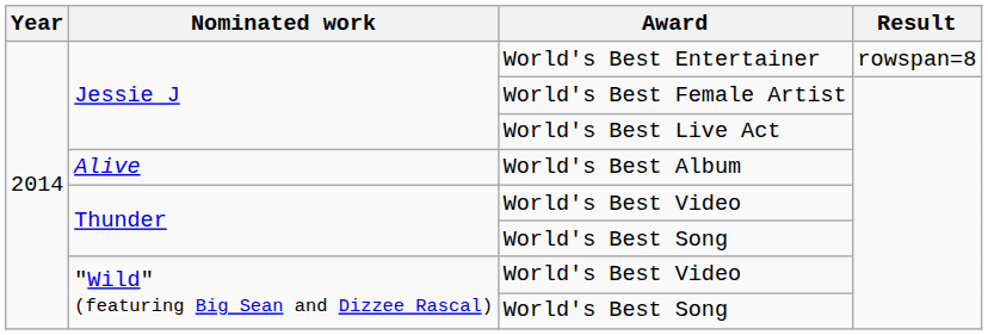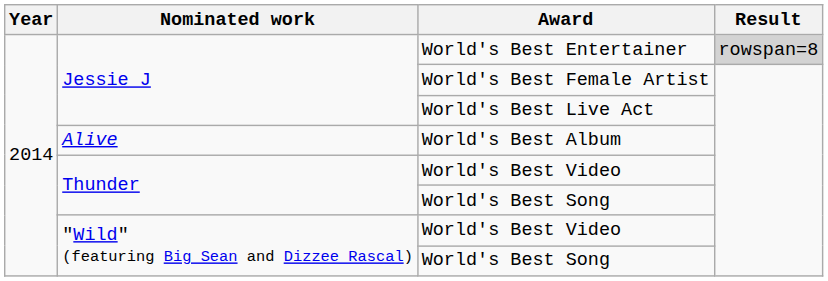 <table class="wikitable">
 <tr>
 <th>Year</th>
 <th>Nominated work</th>
 <th>Award</th>
 <th>Result</th>
 </tr>
 <tr>
 <td rowspan="8">2014</td>
 <td rowspan="3"><a href='#'>Jessie J</a></td>
 <td>World's Best Entertainer</td>
-<td>rowspan=8 </td>
+<td style="background: lightgrey;">rowspan=8 </td>
 </tr>
 <tr>
 <td>World's Best Female Artist</td>
 </tr>
 <tr>
 <td>World's Best Live Act</td>
 </tr>
 <tr>
 <td><em><a href='#'>Alive</a></em></td>
 <td>World's Best Album</td>
 </tr>
 <tr>
 <td rowspan="2"><a href='#'>Thunder</a></td>
 <td>World's Best Video</td>
 </tr>
 <tr>
 <td>World's Best Song</td>
 </tr>
 <tr>
 <td rowspan="2">"<a href='#'>Wild</a>"<br><small>(featuring <a href='#'>Big Sean</a> and <a href='#'>Dizzee Rascal</a>)</small></td>
 <td>World's Best Video</td>
 </tr>
 <tr>
 <td>World's Best Song</td>
 </tr>
 </table>
